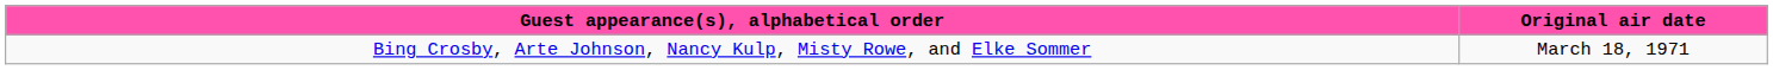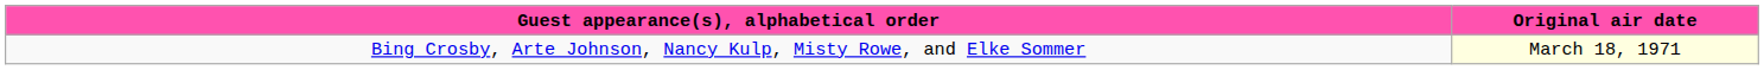 <table class="wikitable" border="1" style="width:100%; text-align: center;">
 <tr>
 <th style="background-color: #FF52AF" width="33%">Guest appearance(s), alphabetical order</th>
 <th style="background-color: #FF52AF" width="7%">Original air date</th>
 </tr>
 <tr>
 <td><a href='#'>Bing Crosby</a>, <a href='#'>Arte Johnson</a>, <a href='#'>Nancy Kulp</a>, <a href='#'>Misty Rowe</a>, and <a href='#'>Elke Sommer</a></td>
-<td>March 18, 1971</td>
+<td style="background: lightyellow;">March 18, 1971</td>
 </tr>
 </table>
